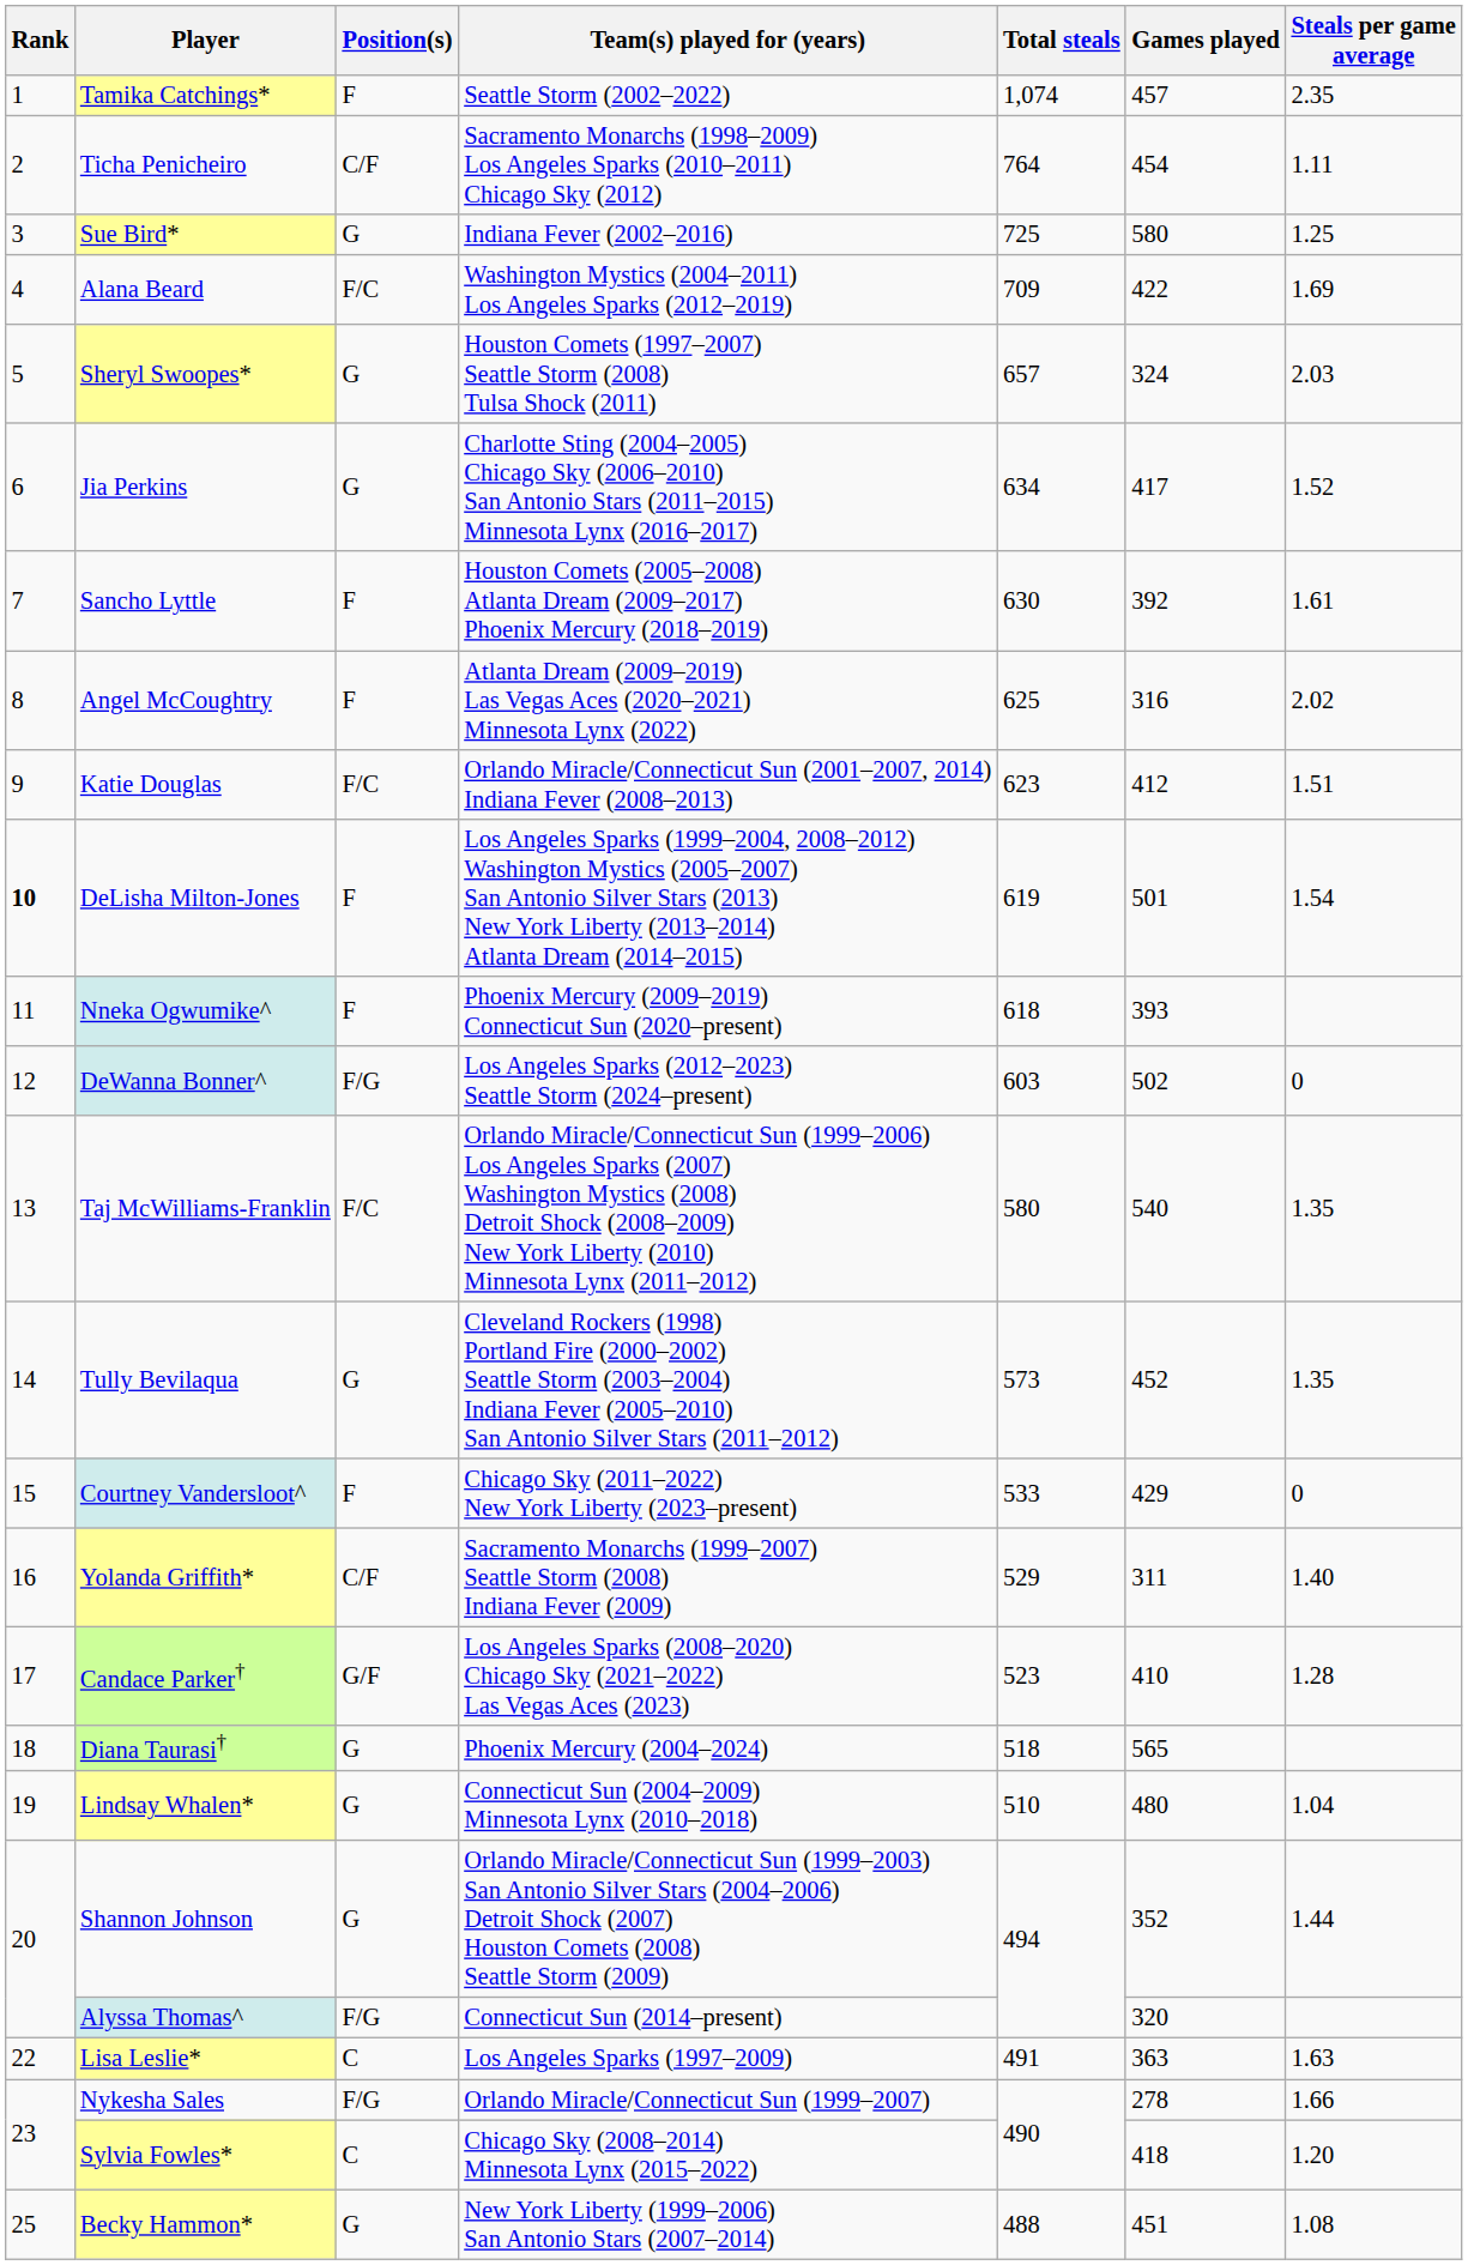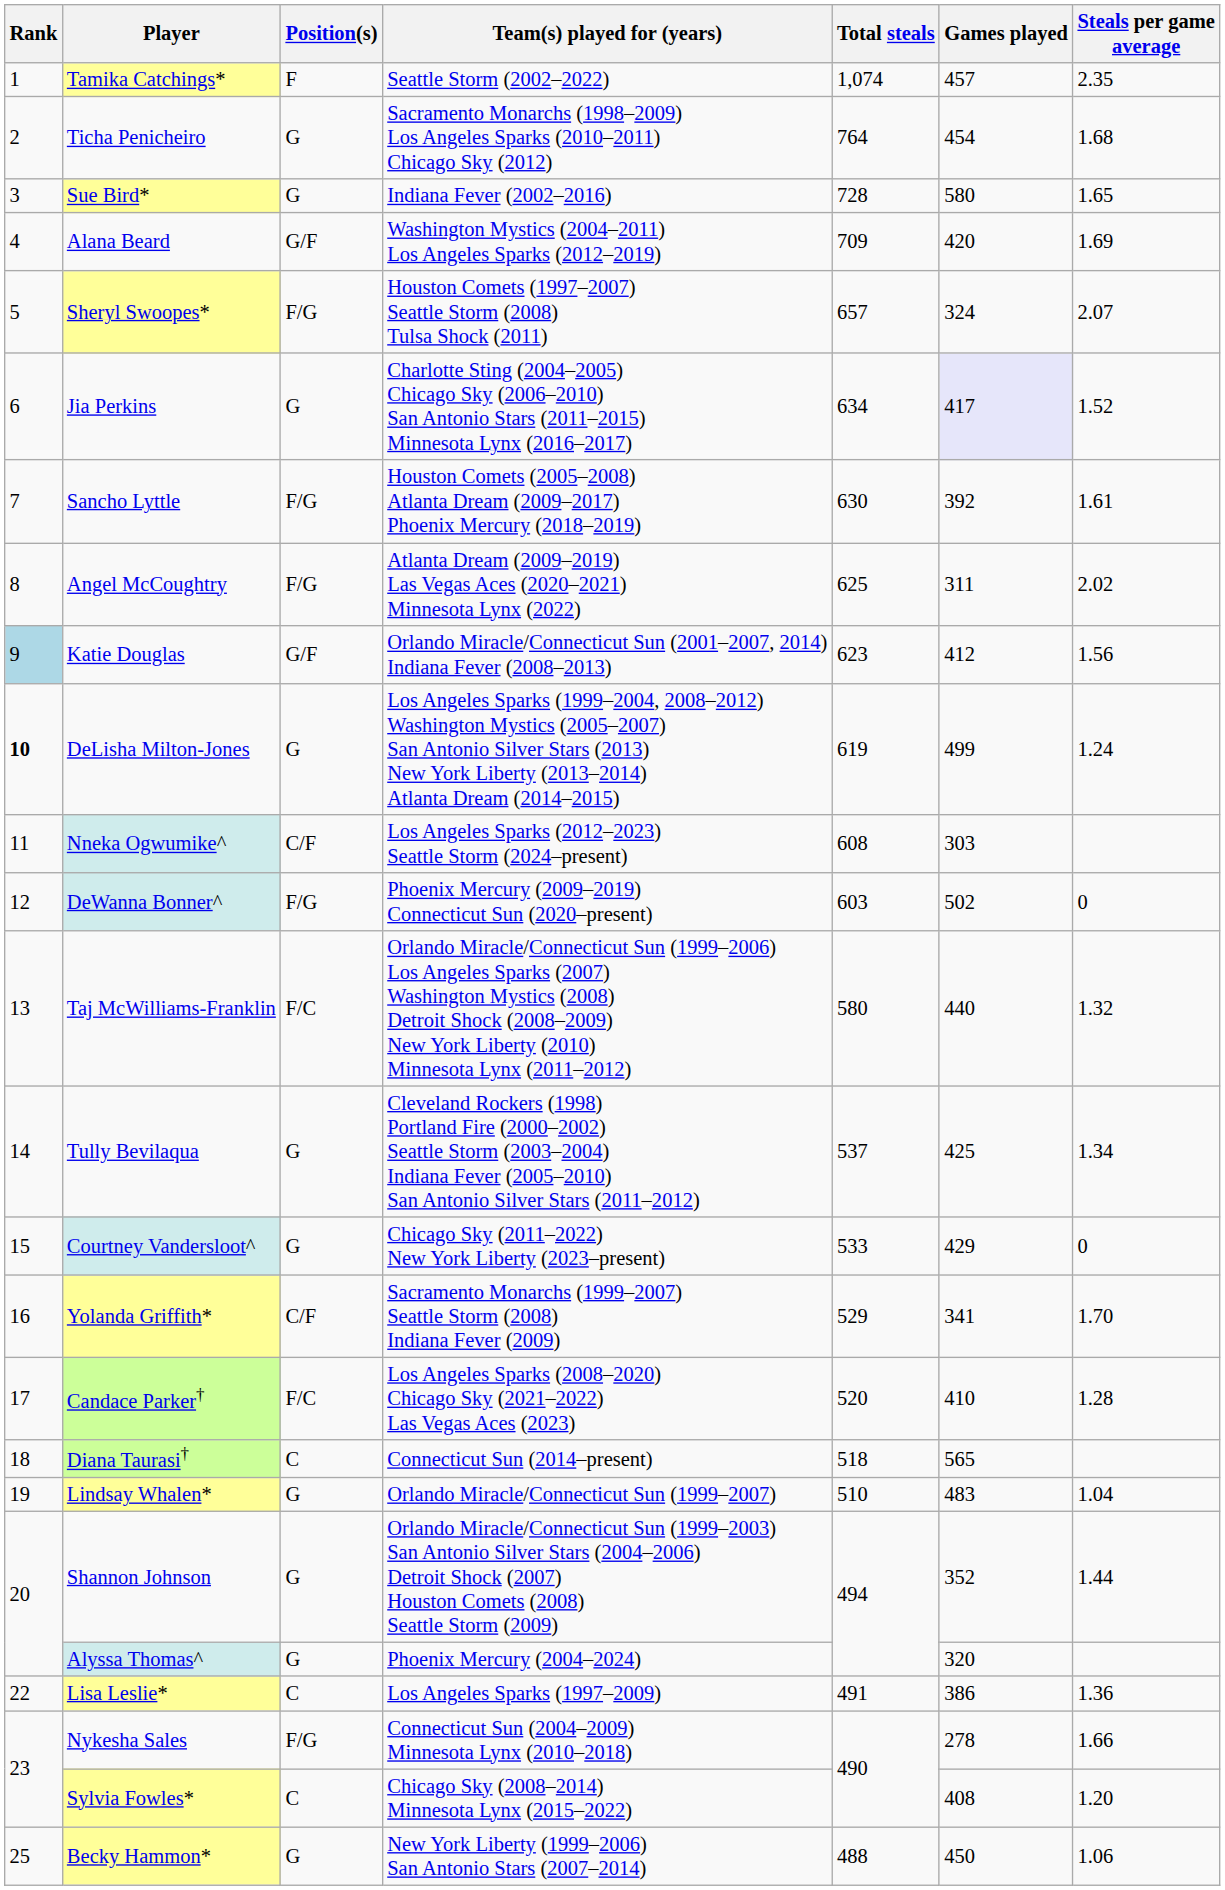 <table class="wikitable sortable" style="font-size: 95%;">
 <tr>
 <th>Rank</th>
 <th>Player</th>
 <th><a href='#'>Position</a>(s)</th>
 <th class="unsortable">Team(s) played for (years)</th>
 <th>Total <a href='#'>steals</a></th>
 <th>Games played</th>
 <th data-sort-type=number><a href='#'>Steals</a> per game<br><a href='#'>average</a></th>
 </tr>
 <tr>
 <td>1</td>
 <td style="background:#FFFF99;"><a href='#'>Tamika Catchings</a>*</td>
 <td>F</td>
 <td><a href='#'>Seattle Storm</a> (<a href='#'>2002</a>–<a href='#'>2022</a>)</td>
 <td>1,074</td>
 <td>457</td>
 <td>2.35</td>
 </tr>
 <tr>
 <td>2</td>
 <td><a href='#'>Ticha Penicheiro</a></td>
-<td>C/F</td>
+<td>G</td>
 <td><a href='#'>Sacramento Monarchs</a> (<a href='#'>1998</a>–<a href='#'>2009</a>)<br><a href='#'>Los Angeles Sparks</a> (<a href='#'>2010</a>–<a href='#'>2011</a>)<br><a href='#'>Chicago Sky</a> (<a href='#'>2012</a>)</td>
 <td>764</td>
 <td>454</td>
-<td>1.11</td>
+<td>1.68</td>
 </tr>
 <tr>
 <td>3</td>
 <td style="background:#FFFF99"><a href='#'>Sue Bird</a>*</td>
 <td>G</td>
 <td><a href='#'>Indiana Fever</a> (<a href='#'>2002</a>–<a href='#'>2016</a>)</td>
-<td>725</td>
+<td>728</td>
 <td>580</td>
-<td>1.25</td>
+<td>1.65</td>
 </tr>
 <tr>
 <td>4</td>
 <td><a href='#'>Alana Beard</a></td>
-<td>F/C</td>
+<td>G/F</td>
 <td><a href='#'>Washington Mystics</a> (<a href='#'>2004</a>–<a href='#'>2011</a>)<br><a href='#'>Los Angeles Sparks</a> (<a href='#'>2012</a>–<a href='#'>2019</a>)</td>
 <td>709</td>
-<td>422</td>
+<td>420</td>
 <td>1.69</td>
 </tr>
 <tr>
 <td>5</td>
 <td style="background:#FFFF99;"><a href='#'>Sheryl Swoopes</a>*</td>
-<td>G</td>
+<td>F/G</td>
 <td><a href='#'>Houston Comets</a> (<a href='#'>1997</a>–<a href='#'>2007</a>)<br><a href='#'>Seattle Storm</a> (<a href='#'>2008</a>)<br><a href='#'>Tulsa Shock</a> (<a href='#'>2011</a>)</td>
 <td>657</td>
 <td>324</td>
-<td>2.03</td>
+<td>2.07</td>
 </tr>
 <tr>
 <td>6</td>
 <td><a href='#'>Jia Perkins</a></td>
 <td>G</td>
 <td><a href='#'>Charlotte Sting</a> (<a href='#'>2004</a>–<a href='#'>2005</a>)<br><a href='#'>Chicago Sky</a> (<a href='#'>2006</a>–<a href='#'>2010</a>)<br> <a href='#'>San Antonio Stars</a> (<a href='#'>2011</a>–<a href='#'>2015</a>)<br><a href='#'>Minnesota Lynx</a> (<a href='#'>2016</a>–<a href='#'>2017</a>)</td>
 <td>634</td>
-<td>417</td>
+<td style="background: lavender;">417</td>
 <td>1.52</td>
 </tr>
 <tr>
 <td>7</td>
 <td><a href='#'>Sancho Lyttle</a></td>
-<td>F</td>
+<td>F/G</td>
 <td><a href='#'>Houston Comets</a> (<a href='#'>2005</a>–<a href='#'>2008</a>)<br><a href='#'>Atlanta Dream</a> (<a href='#'>2009</a>–<a href='#'>2017</a>)<br><a href='#'>Phoenix Mercury</a> (<a href='#'>2018</a>–<a href='#'>2019</a>)</td>
 <td>630</td>
 <td>392</td>
 <td>1.61</td>
 </tr>
 <tr>
 <td>8</td>
 <td><a href='#'>Angel McCoughtry</a></td>
-<td>F</td>
+<td>F/G</td>
 <td><a href='#'>Atlanta Dream</a> (<a href='#'>2009</a>–<a href='#'>2019</a>)<br><a href='#'>Las Vegas Aces</a> (<a href='#'>2020</a>–<a href='#'>2021</a>)<br><a href='#'>Minnesota Lynx</a> (<a href='#'>2022</a>)</td>
 <td>625</td>
-<td>316</td>
+<td>311</td>
 <td>2.02</td>
 </tr>
 <tr>
-<td>9</td>
+<td style="background: lightblue;">9</td>
 <td><a href='#'>Katie Douglas</a></td>
-<td>F/C</td>
+<td>G/F</td>
 <td><a href='#'>Orlando Miracle</a>/<a href='#'>Connecticut Sun</a> (<a href='#'>2001</a>–<a href='#'>2007</a>, <a href='#'>2014</a>)<br><a href='#'>Indiana Fever</a> (<a href='#'>2008</a>–<a href='#'>2013</a>)</td>
 <td>623</td>
 <td>412</td>
-<td>1.51</td>
+<td>1.56</td>
 </tr>
 <tr>
 <td><strong>10</strong></td>
 <td><a href='#'>DeLisha Milton-Jones</a></td>
-<td>F</td>
+<td>G</td>
 <td><a href='#'>Los Angeles Sparks</a> (<a href='#'>1999</a>–<a href='#'>2004</a>, <a href='#'>2008</a>–<a href='#'>2012</a>)<br><a href='#'>Washington Mystics</a> (<a href='#'>2005</a>–<a href='#'>2007</a>)<br><a href='#'>San Antonio Silver Stars</a> (<a href='#'>2013</a>)<br><a href='#'>New York Liberty</a> (<a href='#'>2013</a>–<a href='#'>2014</a>)<br><a href='#'>Atlanta Dream</a> (<a href='#'>2014</a>–<a href='#'>2015</a>)</td>
 <td>619</td>
-<td>501</td>
-<td>1.54</td>
+<td>499</td>
+<td>1.24</td>
 </tr>
 <tr>
 <td>11</td>
 <td style="background:#CFECEC"><a href='#'>Nneka Ogwumike</a>^</td>
-<td>F</td>
-<td><a href='#'>Phoenix Mercury</a> (<a href='#'>2009</a>–<a href='#'>2019</a>)<br><a href='#'>Connecticut Sun</a> (<a href='#'>2020</a>–present)</td>
-<td>618</td>
-<td>393</td>
+<td>C/F</td>
+<td><a href='#'>Los Angeles Sparks</a> (<a href='#'>2012</a>–<a href='#'>2023</a>)<br><a href='#'>Seattle Storm</a> (<a href='#'>2024</a>–present)</td>
+<td>608</td>
+<td>303</td>
 <td></td>
 </tr>
 <tr>
 <td>12</td>
 <td style="background:#CFECEC"><a href='#'>DeWanna Bonner</a>^</td>
 <td>F/G</td>
-<td><a href='#'>Los Angeles Sparks</a> (<a href='#'>2012</a>–<a href='#'>2023</a>)<br><a href='#'>Seattle Storm</a> (<a href='#'>2024</a>–present)</td>
+<td><a href='#'>Phoenix Mercury</a> (<a href='#'>2009</a>–<a href='#'>2019</a>)<br><a href='#'>Connecticut Sun</a> (<a href='#'>2020</a>–present)</td>
 <td>603</td>
 <td>502</td>
 <td>0</td>
 </tr>
 <tr>
 <td>13</td>
 <td><a href='#'>Taj McWilliams-Franklin</a></td>
 <td>F/C</td>
 <td><a href='#'>Orlando Miracle</a>/<a href='#'>Connecticut Sun</a> (<a href='#'>1999</a>–<a href='#'>2006</a>)<br><a href='#'>Los Angeles Sparks</a> (<a href='#'>2007</a>)<br><a href='#'>Washington Mystics</a> (<a href='#'>2008</a>)<br><a href='#'>Detroit Shock</a> (<a href='#'>2008</a>–<a href='#'>2009</a>)<br><a href='#'>New York Liberty</a> (<a href='#'>2010</a>)<br><a href='#'>Minnesota Lynx</a> (<a href='#'>2011</a>–<a href='#'>2012</a>)</td>
 <td>580</td>
-<td>540</td>
-<td>1.35</td>
+<td>440</td>
+<td>1.32</td>
 </tr>
 <tr>
 <td>14</td>
 <td><a href='#'>Tully Bevilaqua</a></td>
 <td>G</td>
 <td><a href='#'>Cleveland Rockers</a> (<a href='#'>1998</a>)<br><a href='#'>Portland Fire</a> (<a href='#'>2000</a>–<a href='#'>2002</a>)<br><a href='#'>Seattle Storm</a> (<a href='#'>2003</a>–<a href='#'>2004</a>)<br><a href='#'>Indiana Fever</a> (<a href='#'>2005</a>–<a href='#'>2010</a>)<br><a href='#'>San Antonio Silver Stars</a> (<a href='#'>2011</a>–<a href='#'>2012</a>)</td>
-<td>573</td>
-<td>452</td>
-<td>1.35</td>
+<td>537</td>
+<td>425</td>
+<td>1.34</td>
 </tr>
 <tr>
 <td>15</td>
 <td style="background:#CFECEC"><a href='#'>Courtney Vandersloot</a>^</td>
-<td>F</td>
+<td>G</td>
 <td><a href='#'>Chicago Sky</a> (<a href='#'>2011</a>–<a href='#'>2022</a>)<br><a href='#'>New York Liberty</a> (<a href='#'>2023</a>–present)</td>
 <td>533</td>
 <td>429</td>
 <td>0</td>
 </tr>
 <tr>
 <td>16</td>
 <td style="background:#FFFF99"><a href='#'>Yolanda Griffith</a>*</td>
 <td>C/F</td>
 <td><a href='#'>Sacramento Monarchs</a> (<a href='#'>1999</a>–<a href='#'>2007</a>)<br><a href='#'>Seattle Storm</a> (<a href='#'>2008</a>)<br><a href='#'>Indiana Fever</a> (<a href='#'>2009</a>)</td>
 <td>529</td>
-<td>311</td>
-<td>1.40</td>
+<td>341</td>
+<td>1.70</td>
 </tr>
 <tr>
 <td>17</td>
 <td style="background:#CCFF99"><a href='#'>Candace Parker</a><sup>†</sup></td>
-<td>G/F</td>
+<td>F/C</td>
 <td><a href='#'>Los Angeles Sparks</a> (<a href='#'>2008</a>–<a href='#'>2020</a>)<br><a href='#'>Chicago Sky</a> (<a href='#'>2021</a>–<a href='#'>2022</a>)<br><a href='#'>Las Vegas Aces</a> (<a href='#'>2023</a>)</td>
-<td>523</td>
+<td>520</td>
 <td>410</td>
 <td>1.28</td>
 </tr>
 <tr>
 <td>18</td>
 <td style="background:#CCFF99"><a href='#'>Diana Taurasi</a><sup>†</sup></td>
-<td>G</td>
-<td><a href='#'>Phoenix Mercury</a> (<a href='#'>2004</a>–<a href='#'>2024</a>)</td>
+<td>C</td>
+<td><a href='#'>Connecticut Sun</a> (<a href='#'>2014</a>–present)</td>
 <td>518</td>
 <td>565</td>
 <td></td>
 </tr>
 <tr>
 <td>19</td>
 <td style="background:#FFFF99"><a href='#'>Lindsay Whalen</a>*</td>
 <td>G</td>
-<td><a href='#'>Connecticut Sun</a> (<a href='#'>2004</a>–<a href='#'>2009</a>)<br><a href='#'>Minnesota Lynx</a> (<a href='#'>2010</a>–<a href='#'>2018</a>)</td>
+<td><a href='#'>Orlando Miracle</a>/<a href='#'>Connecticut Sun</a> (<a href='#'>1999</a>–<a href='#'>2007</a>)</td>
 <td>510</td>
-<td>480</td>
+<td>483</td>
 <td>1.04</td>
 </tr>
 <tr>
 <td rowspan=2>20</td>
 <td><a href='#'>Shannon Johnson</a></td>
 <td>G</td>
 <td><a href='#'>Orlando Miracle</a>/<a href='#'>Connecticut Sun</a> (<a href='#'>1999</a>–<a href='#'>2003</a>)<br><a href='#'>San Antonio Silver Stars</a> (<a href='#'>2004</a>–<a href='#'>2006</a>)<br><a href='#'>Detroit Shock</a> (<a href='#'>2007</a>)<br><a href='#'>Houston Comets</a> (<a href='#'>2008</a>)<br><a href='#'>Seattle Storm</a> (<a href='#'>2009</a>)</td>
 <td rowspan=2>494</td>
 <td>352</td>
 <td>1.44</td>
 </tr>
 <tr>
 <td style="background:#CFECEC"><a href='#'>Alyssa Thomas</a>^</td>
-<td>F/G</td>
-<td><a href='#'>Connecticut Sun</a> (<a href='#'>2014</a>–present)</td>
+<td>G</td>
+<td><a href='#'>Phoenix Mercury</a> (<a href='#'>2004</a>–<a href='#'>2024</a>)</td>
 <td>320</td>
 <td></td>
 </tr>
 <tr>
 <td>22</td>
 <td style="background:#FFFF99;"><a href='#'>Lisa Leslie</a>*</td>
 <td>C</td>
 <td><a href='#'>Los Angeles Sparks</a> (<a href='#'>1997</a>–<a href='#'>2009</a>)</td>
 <td>491</td>
-<td>363</td>
-<td>1.63</td>
+<td>386</td>
+<td>1.36</td>
 </tr>
 <tr>
 <td rowspan=2>23</td>
 <td><a href='#'>Nykesha Sales</a></td>
 <td>F/G</td>
-<td><a href='#'>Orlando Miracle</a>/<a href='#'>Connecticut Sun</a> (<a href='#'>1999</a>–<a href='#'>2007</a>)</td>
+<td><a href='#'>Connecticut Sun</a> (<a href='#'>2004</a>–<a href='#'>2009</a>)<br><a href='#'>Minnesota Lynx</a> (<a href='#'>2010</a>–<a href='#'>2018</a>)</td>
 <td rowspan=2>490</td>
 <td>278</td>
 <td>1.66</td>
 </tr>
 <tr>
 <td style="background:#FFFF99"><a href='#'>Sylvia Fowles</a>*</td>
 <td>C</td>
 <td><a href='#'>Chicago Sky</a> (<a href='#'>2008</a>–<a href='#'>2014</a>)<br><a href='#'>Minnesota Lynx</a> (<a href='#'>2015</a>–<a href='#'>2022</a>)</td>
-<td>418</td>
+<td>408</td>
 <td>1.20</td>
 </tr>
 <tr>
 <td>25</td>
 <td style="background:#FFFF99"><a href='#'>Becky Hammon</a>*</td>
 <td>G</td>
 <td><a href='#'>New York Liberty</a> (<a href='#'>1999</a>–<a href='#'>2006</a>)<br><a href='#'>San Antonio Stars</a> (<a href='#'>2007</a>–<a href='#'>2014</a>)</td>
 <td>488</td>
-<td>451</td>
-<td>1.08</td>
+<td>450</td>
+<td>1.06</td>
 </tr>
 </table>
